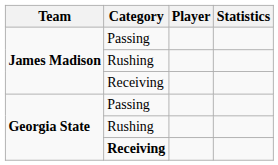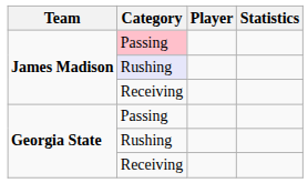 <table class="wikitable" style="float: right;">
 <tr>
 <th>Team</th>
 <th>Category</th>
 <th>Player</th>
 <th>Statistics</th>
 </tr>
 <tr>
 <td rowspan=3><strong>James Madison</strong></td>
-<td>Passing</td>
+<td style="background: pink;">Passing</td>
 <td></td>
 <td></td>
 </tr>
 <tr>
-<td>Rushing</td>
+<td style="background: lavender;">Rushing</td>
 <td></td>
 <td></td>
 </tr>
 <tr>
 <td>Receiving</td>
 <td></td>
 <td></td>
 </tr>
 <tr>
 <td rowspan=3><strong>Georgia State</strong></td>
 <td>Passing</td>
 <td></td>
 <td></td>
 </tr>
 <tr>
 <td>Rushing</td>
 <td></td>
 <td></td>
 </tr>
 <tr>
-<td><strong>Receiving</strong></td>
+<td>Receiving</td>
 <td></td>
 <td></td>
 </tr>
 </table>
